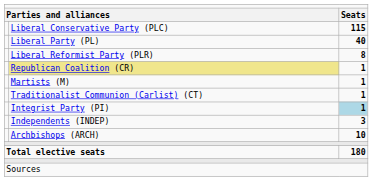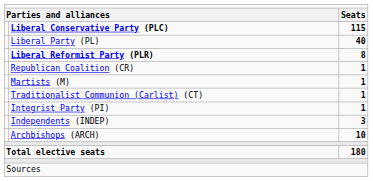 <table class="wikitable" style="text-align:right;">
 <tr>
 <td colspan="3"></td>
 </tr>
 <tr>
 <th style="text-align:left;" colspan="2" width="525">Parties and alliances</th>
 <th width="35">Seats</th>
 </tr>
 <tr>
 <td width="1" style="color:inherit;background:"></td>
-<td align="left"><a href='#'>Liberal Conservative Party</a> (PLC)</td>
+<td align="left"><strong><a href='#'>Liberal Conservative Party</a> (PLC)</strong></td>
 <td><strong>115</strong></td>
 </tr>
 <tr>
 <td style="color:inherit;background:"></td>
 <td align="left"><a href='#'>Liberal Party</a> (PL)</td>
 <td><strong>40</strong></td>
 </tr>
 <tr>
 <td style="color:inherit;background:"></td>
-<td align="left"><a href='#'>Liberal Reformist Party</a> (PLR)</td>
+<td align="left"><strong><a href='#'>Liberal Reformist Party</a> (PLR)</strong></td>
 <td><strong>8</strong></td>
 </tr>
 <tr>
 <td style="color:inherit;background:"></td>
-<td align="left" style="background: khaki;"><a href='#'>Republican Coalition</a> (CR)</td>
+<td align="left"><a href='#'>Republican Coalition</a> (CR)</td>
 <td><strong>1</strong></td>
 </tr>
 <tr>
 <td style="color:inherit;background:"></td>
 <td align="left"><a href='#'>Martists</a> (M)</td>
 <td><strong>1</strong></td>
 </tr>
 <tr>
 <td style="color:inherit;background:"></td>
 <td align="left"><a href='#'>Traditionalist Communion (Carlist)</a> (CT)</td>
 <td><strong>1</strong></td>
 </tr>
 <tr>
 <td style="color:inherit;background:"></td>
 <td align="left"><a href='#'>Integrist Party</a> (PI)</td>
-<td style="background: lightblue;"><strong>1</strong></td>
+<td><strong>1</strong></td>
 </tr>
 <tr>
 <td style="color:inherit;background:"></td>
 <td align="left"><a href='#'>Independents</a> (INDEP)</td>
 <td><strong>3</strong></td>
 </tr>
 <tr>
 <td style="color:inherit;background:"></td>
 <td align="left"><a href='#'>Archbishops</a> (ARCH)</td>
 <td><strong>10</strong></td>
 </tr>
 <tr>
 <td colspan="3" bgcolor="#E9E9E9"></td>
 </tr>
 <tr style="font-weight:bold;">
 <td align="left" colspan="2">Total elective seats</td>
 <td>180</td>
 </tr>
 <tr>
 <td colspan="3" bgcolor="#E9E9E9"></td>
 </tr>
 <tr>
 <td align="left" colspan="3">Sources</td>
 </tr>
 </table>
